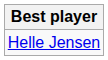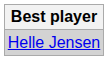 <table class="wikitable" style="margin: 0 auto;">
 <tr>
 <th>Best player</th>
 </tr>
 <tr>
-<td align=center> <a href='#'>Helle Jensen</a></td>
+<td align=center style="background: lightgrey;"> <a href='#'>Helle Jensen</a></td>
 </tr>
 </table>
